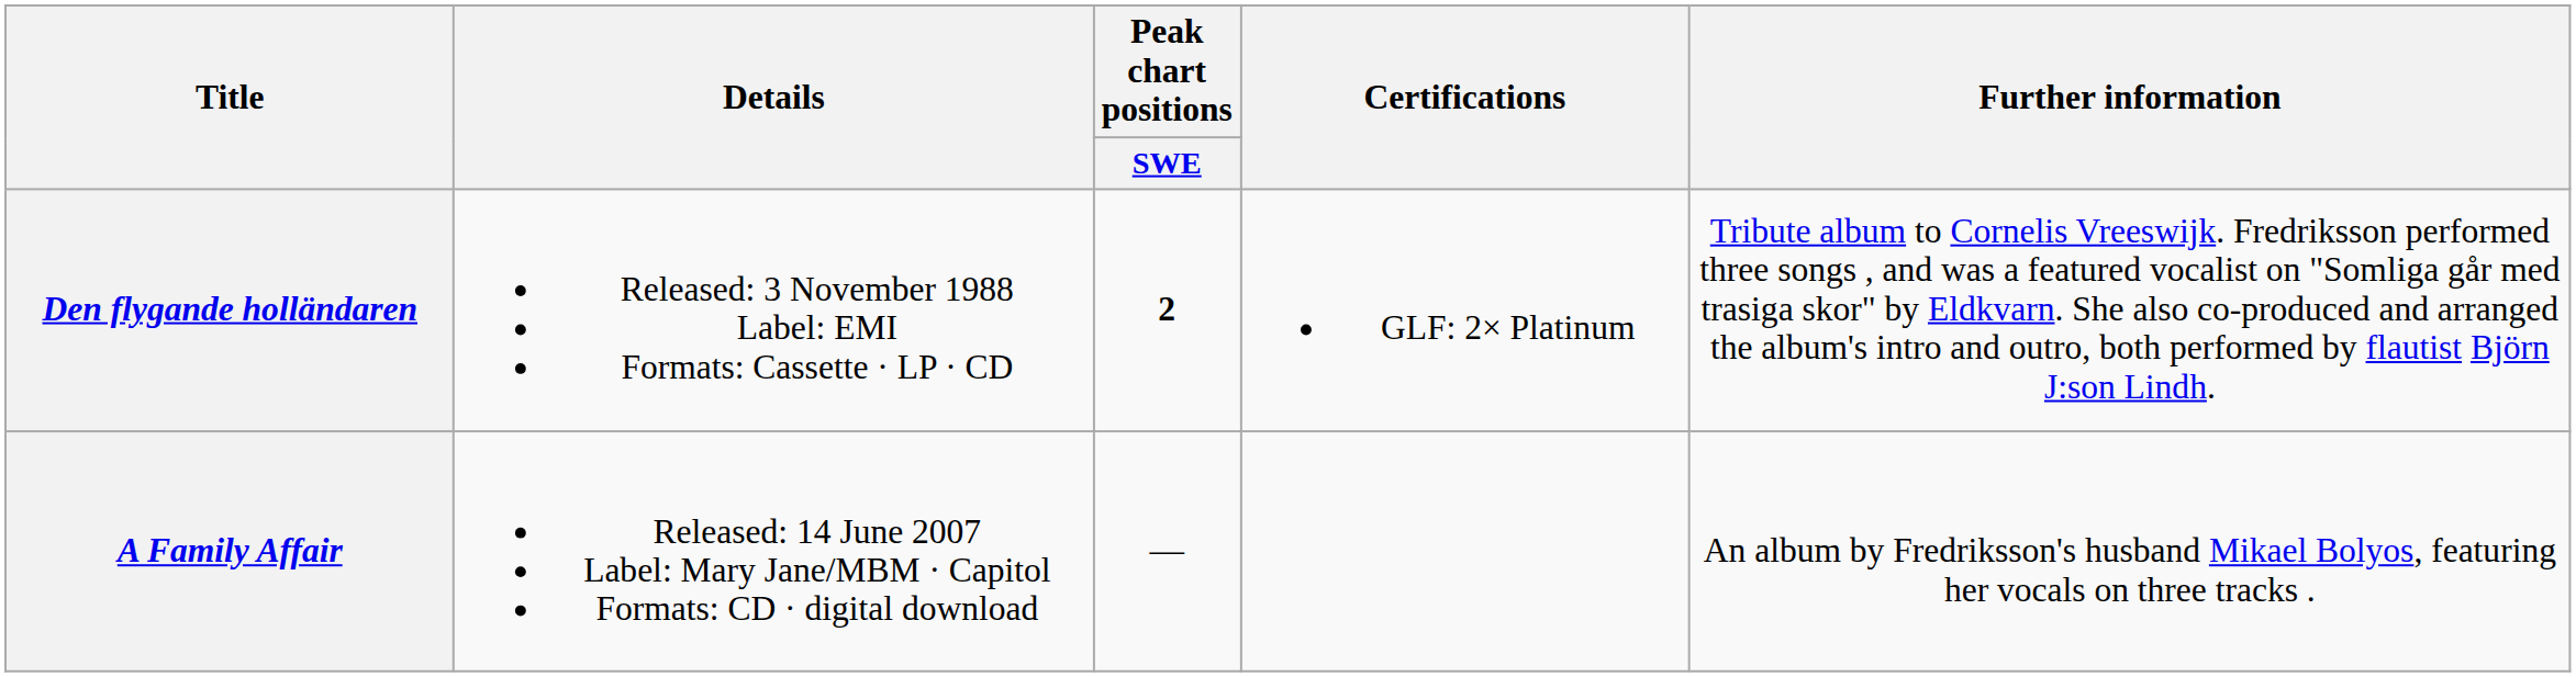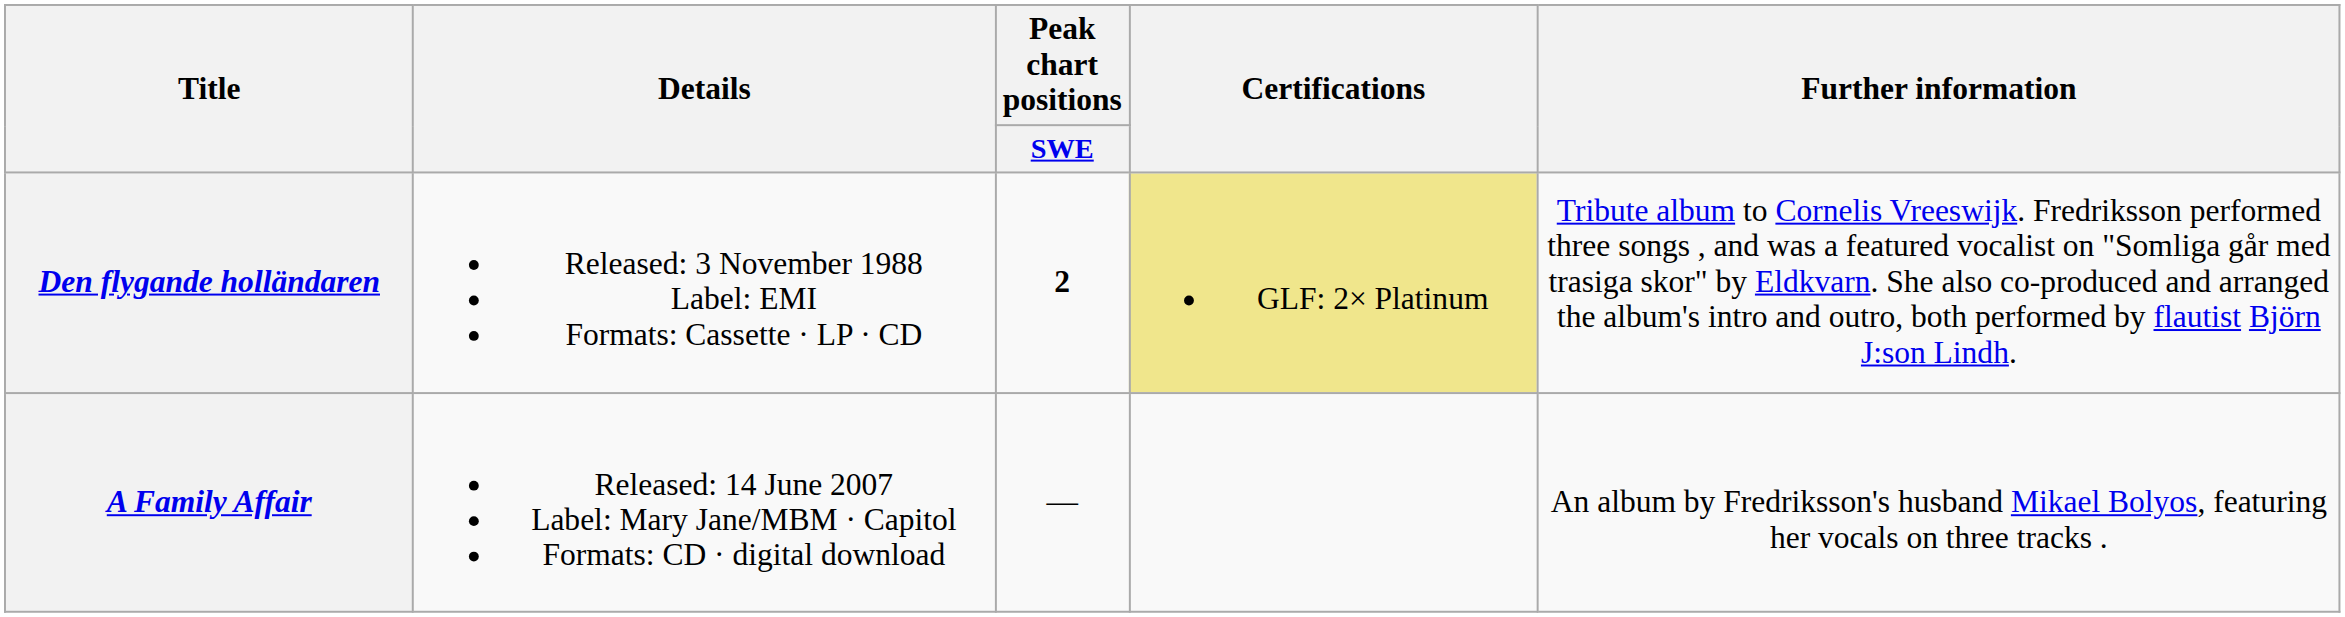 <table class="wikitable plainrowheaders" style="text-align:center;" border="1">
 <tr>
 <th scope="col" rowspan="2" style="width:12.5em;">Title</th>
 <th scope="col" rowspan="2" style="width:18em;">Details</th>
 <th scope="col" colspan="1">Peak chart positions</th>
 <th scope="col" rowspan="2" style="width:12.5em;">Certifications</th>
 <th scope="col" rowspan="2" style="width:25em;">Further information</th>
 </tr>
 <tr>
 <th scope="col" style="width:3em;font-size:90%;"><a href='#'>SWE</a><br></th>
 </tr>
 <tr>
 <th scope="row"><em><a href='#'>Den flygande holländaren</a></em></th>
 <td><br><ul><li>Released: 3 November 1988</li><li>Label: EMI</li><li>Formats: Cassette · LP · CD</li></ul></td>
 <td><strong>2</strong></td>
-<td><br><ul><li>GLF: 2× Platinum</li></ul></td>
+<td style="background: khaki;"><br><ul><li>GLF: 2× Platinum</li></ul></td>
 <td><a href='#'>Tribute album</a> to <a href='#'>Cornelis Vreeswijk</a>. Fredriksson performed three songs , and was a featured vocalist on "Somliga går med trasiga skor" by <a href='#'>Eldkvarn</a>. She also co-produced and arranged the album's intro and outro, both performed by <a href='#'>flautist</a> <a href='#'>Björn J:son Lindh</a>.</td>
 </tr>
 <tr>
 <th scope="row"><em><a href='#'>A Family Affair</a></em></th>
 <td><br><ul><li>Released: 14 June 2007</li><li>Label: Mary Jane/MBM · Capitol</li><li>Formats: CD · digital download</li></ul></td>
 <td>—</td>
 <td></td>
 <td><br>An album by Fredriksson's husband <a href='#'>Mikael Bolyos</a>, featuring her vocals on three tracks .</td>
 </tr>
 </table>
